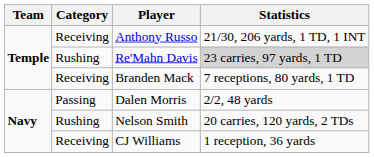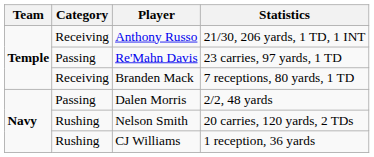 <table class="wikitable" style="float: left;">
 <tr>
 <th>Team</th>
 <th>Category</th>
 <th>Player</th>
 <th>Statistics</th>
 </tr>
 <tr>
 <td rowspan=3><strong>Temple</strong></td>
 <td>Receiving</td>
 <td><a href='#'>Anthony Russo</a></td>
 <td>21/30, 206 yards, 1 TD, 1 INT</td>
 </tr>
 <tr>
-<td>Rushing</td>
+<td>Passing</td>
 <td><a href='#'>Re'Mahn Davis</a></td>
-<td style="background: lightgrey;">23 carries, 97 yards, 1 TD</td>
+<td>23 carries, 97 yards, 1 TD</td>
 </tr>
 <tr>
 <td>Receiving</td>
 <td>Branden Mack</td>
 <td>7 receptions, 80 yards, 1 TD</td>
 </tr>
 <tr>
 <td rowspan=3><strong>Navy</strong></td>
 <td>Passing</td>
 <td>Dalen Morris</td>
 <td>2/2, 48 yards</td>
 </tr>
 <tr>
 <td>Rushing</td>
 <td>Nelson Smith</td>
 <td>20 carries, 120 yards, 2 TDs</td>
 </tr>
 <tr>
-<td>Receiving</td>
+<td>Rushing</td>
 <td>CJ Williams</td>
 <td>1 reception, 36 yards</td>
 </tr>
 </table>
